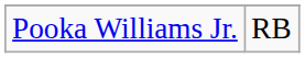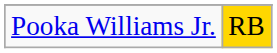 <table class="wikitable">
 <tr>
 </tr>
 <tr>
 <td><a href='#'>Pooka Williams Jr.</a></td>
-<td>RB</td>
+<td style="background: gold;">RB</td>
 </tr>
 </table>
